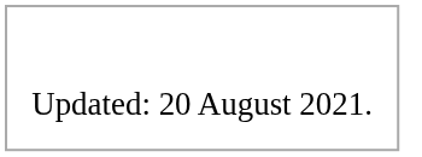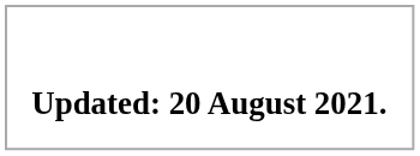 <table style="border:solid 1px #aaa;" cellpadding="10" cellspacing="0">
 <tr>
 <td></td>
 </tr>
 <tr>
-<td><small>Updated: 20 August 2021.</small></td>
+<td><strong><small>Updated: 20 August 2021.</small></strong></td>
 </tr>
 </table>
